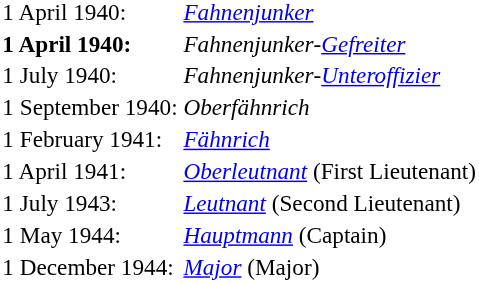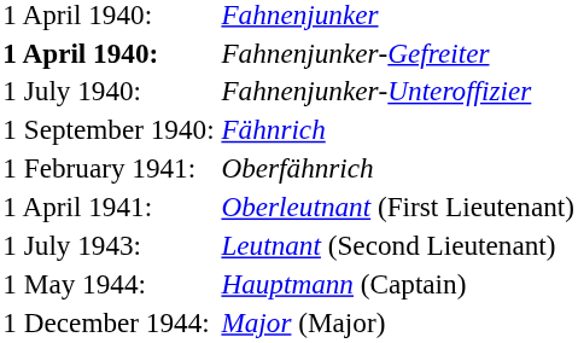 <table>
 <tr>
 <td>1 April 1940:</td>
 <td><em><a href='#'>Fahnenjunker</a></em></td>
 </tr>
 <tr>
 <td><strong>1 April 1940:</strong></td>
 <td><em>Fahnenjunker</em>-<em><a href='#'>Gefreiter</a></em></td>
 </tr>
 <tr>
 <td>1 July 1940:</td>
 <td><em>Fahnenjunker</em>-<em><a href='#'>Unteroffizier</a></em></td>
 </tr>
 <tr>
 <td>1 September 1940:</td>
-<td><em>Oberfähnrich</em></td>
+<td><em><a href='#'>Fähnrich</a></em></td>
 </tr>
 <tr>
 <td>1 February 1941:</td>
-<td><em><a href='#'>Fähnrich</a></em></td>
+<td><em>Oberfähnrich</em></td>
 </tr>
 <tr>
 <td>1 April 1941:</td>
 <td><em><a href='#'>Oberleutnant</a></em> (First Lieutenant)</td>
 </tr>
 <tr>
 <td>1 July 1943:</td>
 <td><em><a href='#'>Leutnant</a></em> (Second Lieutenant)</td>
 </tr>
 <tr>
 <td>1 May 1944:</td>
 <td><em><a href='#'>Hauptmann</a></em> (Captain)</td>
 </tr>
 <tr>
 <td>1 December 1944:</td>
 <td><em><a href='#'>Major</a></em> (Major)</td>
 </tr>
 </table>
